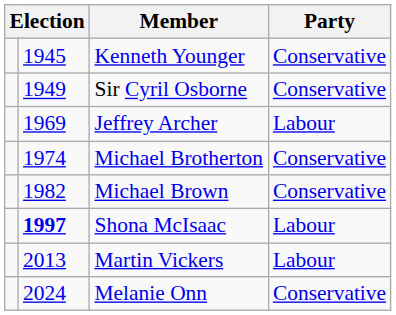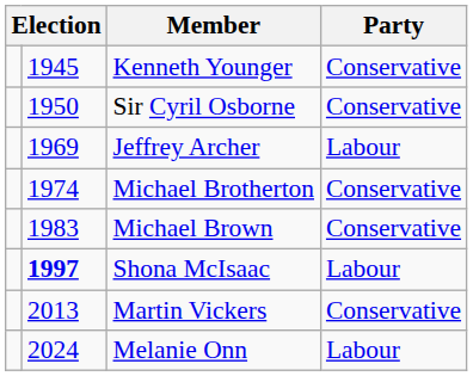 <table class=wikitable>
 <tr>
 <th colspan=2>Election</th>
 <th>Member</th>
 <th>Party</th>
 </tr>
 <tr>
 <td style="background-color: "></td>
 <td><a href='#'>1945</a></td>
 <td><a href='#'>Kenneth Younger</a></td>
 <td><a href='#'>Conservative</a></td>
 </tr>
 <tr>
 <td style="background-color: "></td>
-<td><a href='#'>1949</a></td>
+<td><a href='#'>1950</a></td>
 <td>Sir <a href='#'>Cyril Osborne</a></td>
 <td><a href='#'>Conservative</a></td>
 </tr>
 <tr>
 <td style="background-color: "></td>
 <td><a href='#'>1969</a></td>
 <td><a href='#'>Jeffrey Archer</a></td>
 <td><a href='#'>Labour</a></td>
 </tr>
 <tr>
 <td style="background-color: "></td>
 <td><a href='#'>1974</a></td>
 <td><a href='#'>Michael Brotherton</a></td>
 <td><a href='#'>Conservative</a></td>
 </tr>
 <tr>
 <td style="background-color: "></td>
-<td><a href='#'>1982</a></td>
+<td><a href='#'>1983</a></td>
 <td><a href='#'>Michael Brown</a></td>
 <td><a href='#'>Conservative</a></td>
 </tr>
 <tr>
 <td style="background-color: "></td>
 <td><strong><a href='#'>1997</a></strong></td>
 <td><a href='#'>Shona McIsaac</a></td>
 <td><a href='#'>Labour</a></td>
 </tr>
 <tr>
 <td style="background-color: "></td>
 <td><a href='#'>2013</a></td>
 <td><a href='#'>Martin Vickers</a></td>
-<td><a href='#'>Labour</a></td>
+<td><a href='#'>Conservative</a></td>
 </tr>
 <tr>
 <td style="background-color: "></td>
 <td><a href='#'>2024</a></td>
 <td><a href='#'>Melanie Onn</a></td>
-<td><a href='#'>Conservative</a></td>
+<td><a href='#'>Labour</a></td>
 </tr>
 </table>
